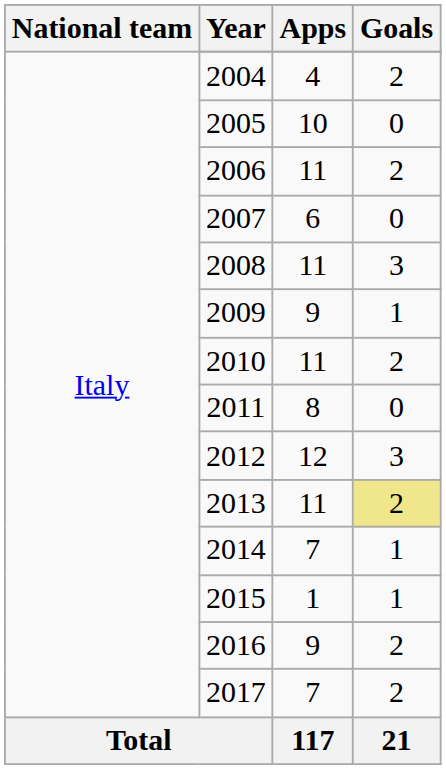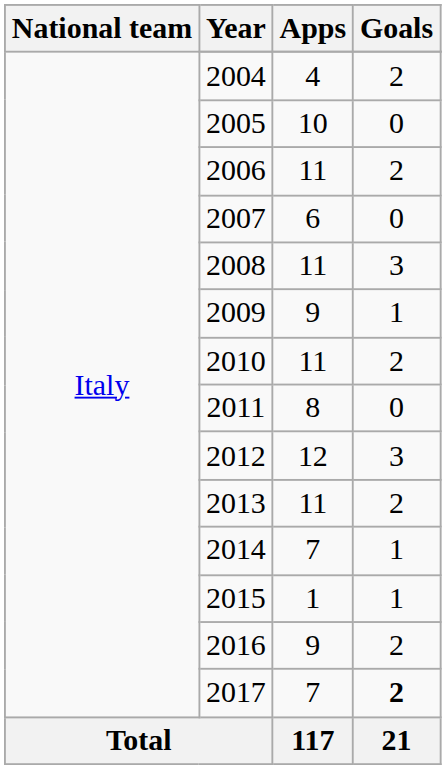 <table class=wikitable style="text-align: center">
 <tr>
 <th>National team</th>
 <th>Year</th>
 <th>Apps</th>
 <th>Goals</th>
 </tr>
 <tr>
 <td rowspan=15><a href='#'>Italy</a></td>
 </tr>
 <tr>
 <td>2004</td>
 <td>4</td>
 <td>2</td>
 </tr>
 <tr>
 <td>2005</td>
 <td>10</td>
 <td>0</td>
 </tr>
 <tr>
 <td>2006</td>
 <td>11</td>
 <td>2</td>
 </tr>
 <tr>
 <td>2007</td>
 <td>6</td>
 <td>0</td>
 </tr>
 <tr>
 <td>2008</td>
 <td>11</td>
 <td>3</td>
 </tr>
 <tr>
 <td>2009</td>
 <td>9</td>
 <td>1</td>
 </tr>
 <tr>
 <td>2010</td>
 <td>11</td>
 <td>2</td>
 </tr>
 <tr>
 <td>2011</td>
 <td>8</td>
 <td>0</td>
 </tr>
 <tr>
 <td>2012</td>
 <td>12</td>
 <td>3</td>
 </tr>
 <tr>
 <td>2013</td>
 <td>11</td>
-<td style="background: khaki;">2</td>
+<td>2</td>
 </tr>
 <tr>
 <td>2014</td>
 <td>7</td>
 <td>1</td>
 </tr>
 <tr>
 <td>2015</td>
 <td>1</td>
 <td>1</td>
 </tr>
 <tr>
 <td>2016</td>
 <td>9</td>
 <td>2</td>
 </tr>
 <tr>
 <td>2017</td>
 <td>7</td>
-<td>2</td>
+<td><strong>2</strong></td>
 </tr>
 <tr>
 <th colspan=2>Total</th>
 <th>117</th>
 <th>21</th>
 </tr>
 </table>
